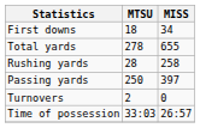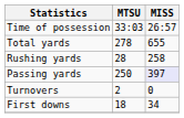 <table class="wikitable">
 <tr>
 <th>Statistics</th>
 <th>MTSU</th>
 <th>MISS</th>
 </tr>
 <tr>
-<td>First downs</td>
-<td>18</td>
-<td>34</td>
+<td>Time of possession</td>
+<td>33:03</td>
+<td>26:57</td>
 </tr>
 <tr>
 <td>Total yards</td>
 <td>278</td>
 <td>655</td>
 </tr>
 <tr>
 <td>Rushing yards</td>
 <td>28</td>
 <td>258</td>
 </tr>
 <tr>
 <td>Passing yards</td>
 <td>250</td>
-<td>397</td>
+<td style="background: lavender;">397</td>
 </tr>
 <tr>
 <td>Turnovers</td>
 <td>2</td>
 <td>0</td>
 </tr>
 <tr>
-<td>Time of possession</td>
-<td>33:03</td>
-<td>26:57</td>
+<td>First downs</td>
+<td>18</td>
+<td>34</td>
 </tr>
 <tr>
 </tr>
 </table>
